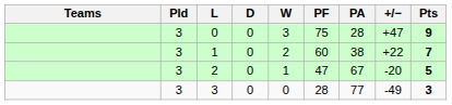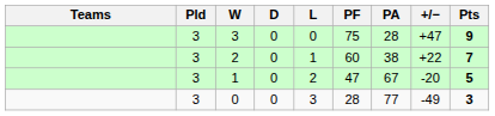 <table class="wikitable" style="text-align: center;">
 <tr>
 <th style="width:200px;">Teams</th>
 <th width="40">Pld</th>
+<th width="40">W</th>
+<th width="40">D</th>
 <th width="40">L</th>
-<th width="40">D</th>
-<th width="40">W</th>
 <th width="40">PF</th>
 <th width="40">PA</th>
 <th width="40">+/−</th>
 <th width="40">Pts</th>
 </tr>
 <tr bgcolor=ccffcc>
 <td align=left></td>
 <td>3</td>
+<td>3</td>
 <td>0</td>
 <td>0</td>
-<td>3</td>
 <td>75</td>
 <td>28</td>
 <td>+47</td>
 <td><strong>9</strong></td>
 </tr>
 <tr bgcolor=ccffcc>
 <td align=left></td>
 <td>3</td>
+<td>2</td>
+<td>0</td>
 <td>1</td>
-<td>0</td>
-<td>2</td>
 <td>60</td>
 <td>38</td>
 <td>+22</td>
 <td><strong>7</strong></td>
 </tr>
 <tr bgcolor=ccffcc>
 <td align=left></td>
 <td>3</td>
+<td>1</td>
+<td>0</td>
 <td>2</td>
-<td>0</td>
-<td>1</td>
 <td>47</td>
 <td>67</td>
 <td>-20</td>
 <td><strong>5</strong></td>
 </tr>
 <tr>
 <td align=left></td>
 <td>3</td>
-<td>3</td>
 <td>0</td>
 <td>0</td>
+<td>3</td>
 <td>28</td>
 <td>77</td>
 <td>-49</td>
 <td><strong>3</strong></td>
 </tr>
 </table>
